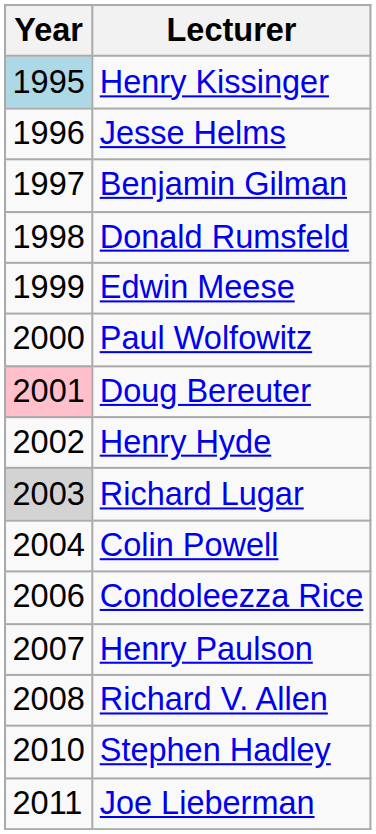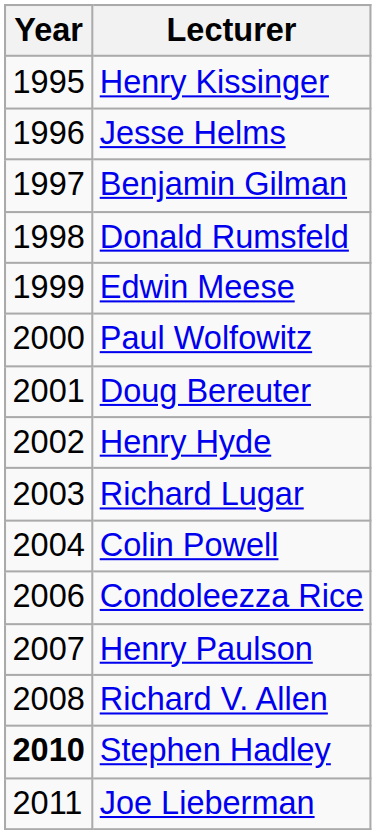 <table class="wikitable">
 <tr>
 <th>Year</th>
 <th>Lecturer</th>
 </tr>
 <tr>
-<td style="background: lightblue;">1995</td>
+<td>1995</td>
 <td><a href='#'>Henry Kissinger</a></td>
 </tr>
 <tr>
 <td>1996</td>
 <td><a href='#'>Jesse Helms</a></td>
 </tr>
 <tr>
 <td>1997</td>
 <td><a href='#'>Benjamin Gilman</a></td>
 </tr>
 <tr>
 <td>1998</td>
 <td><a href='#'>Donald Rumsfeld</a></td>
 </tr>
 <tr>
 <td>1999</td>
 <td><a href='#'>Edwin Meese</a></td>
 </tr>
 <tr>
 <td>2000</td>
 <td><a href='#'>Paul Wolfowitz</a></td>
 </tr>
 <tr>
-<td style="background: pink;">2001</td>
+<td>2001</td>
 <td><a href='#'>Doug Bereuter</a></td>
 </tr>
 <tr>
 <td>2002</td>
 <td><a href='#'>Henry Hyde</a></td>
 </tr>
 <tr>
-<td style="background: lightgrey;">2003</td>
+<td>2003</td>
 <td><a href='#'>Richard Lugar</a></td>
 </tr>
 <tr>
 <td>2004</td>
 <td><a href='#'>Colin Powell</a></td>
 </tr>
 <tr>
 <td>2006</td>
 <td><a href='#'>Condoleezza Rice</a></td>
 </tr>
 <tr>
 <td>2007</td>
 <td><a href='#'>Henry Paulson</a></td>
 </tr>
 <tr>
 <td>2008</td>
 <td><a href='#'>Richard V. Allen</a></td>
 </tr>
 <tr>
-<td>2010</td>
+<td><strong>2010</strong></td>
 <td><a href='#'>Stephen Hadley</a></td>
 </tr>
 <tr>
 <td>2011</td>
 <td><a href='#'>Joe Lieberman</a></td>
 </tr>
 </table>
